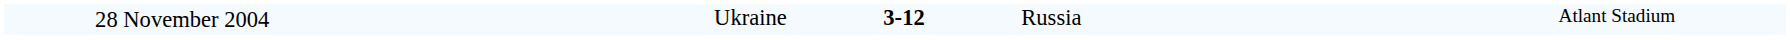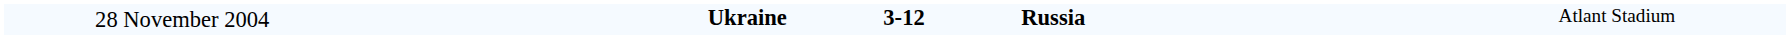 <table style="width: 100%; background:#F5FAFF;" cellspacing="0">
 <tr>
 <td align=center rowspan=3 width=20%>28 November 2004</td>
 </tr>
 <tr>
-<td width=24% align=right>Ukraine </td>
+<td width=24% align=right><strong>Ukraine </strong></td>
 <td align=center width=13%><strong>3-12</strong></td>
-<td width=24%> Russia</td>
+<td width=24%><strong> Russia</strong></td>
 <td style=font-size:85% rowspan=3 valign=top align=center>Atlant Stadium</td>
 </tr>
 <tr style=font-size:85%>
 <td align=right valign=top></td>
 <td></td>
 <td></td>
 </tr>
 </table>
